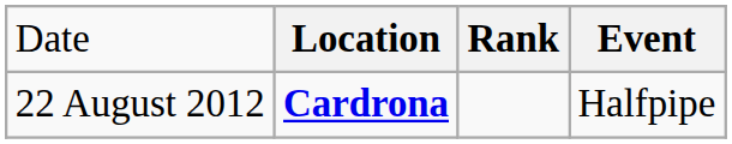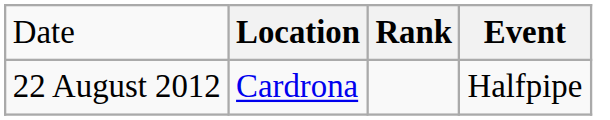 <table class="wikitable sortable" style="font-size:90%" style="text-align:center">
 <tr>
 <td>Date</td>
 <th>Location</th>
 <th>Rank</th>
 <th>Event</th>
 </tr>
 <tr>
 <td>22 August 2012</td>
-<td><strong><a href='#'>Cardrona</a></strong></td>
+<td><a href='#'>Cardrona</a></td>
 <td></td>
 <td>Halfpipe</td>
 </tr>
 </table>
